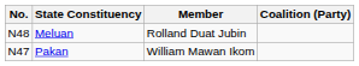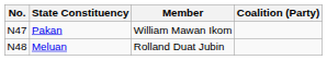 <table class="wikitable">
 <tr>
 <th>No.</th>
 <th>State Constituency</th>
 <th>Member</th>
 <th>Coalition (Party)</th>
 </tr>
 <tr>
+<td>N47</td>
+<td><a href='#'>Pakan</a></td>
+<td>William Mawan Ikom</td>
+<td></td>
+</tr>
+<tr>
 <td>N48</td>
 <td><a href='#'>Meluan</a></td>
 <td>Rolland Duat Jubin</td>
 <td></td>
 </tr>
-<tr>
-<td>N47</td>
-<td><a href='#'>Pakan</a></td>
-<td>William Mawan Ikom</td>
-<td></td>
-</tr>
 </table>
